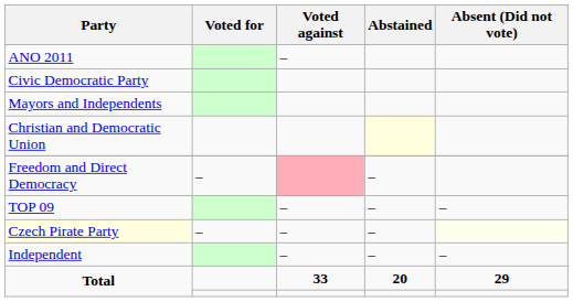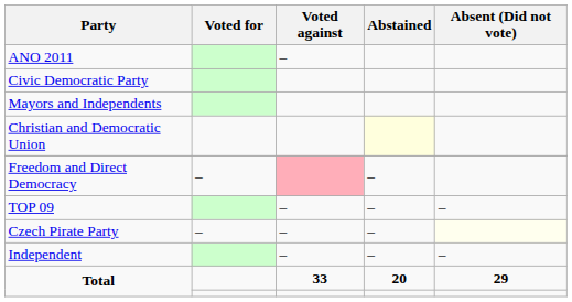 <table class="wikitable">
 <tr>
 <th>Party</th>
 <th style="width:15%;">Voted for</th>
 <th>Voted against</th>
 <th>Abstained</th>
 <th>Absent (Did not vote)</th>
 </tr>
 <tr>
 <td> <a href='#'>ANO 2011</a></td>
 <td style="background-color:#CCFFCC;"></td>
 <td>–</td>
 <td></td>
 <td></td>
 </tr>
 <tr>
 <td> <a href='#'>Civic Democratic Party</a></td>
 <td style="background-color:#CCFFCC;"></td>
 <td></td>
 <td></td>
 <td></td>
 </tr>
 <tr>
 <td> <a href='#'>Mayors and Independents</a></td>
 <td style="background-color:#CCFFCC;"></td>
 <td></td>
 <td></td>
 <td></td>
 </tr>
 <tr>
 <td> <a href='#'>Christian and Democratic Union</a></td>
 <td></td>
 <td></td>
 <td style="background-color:#FFD;"></td>
 <td></td>
 </tr>
 <tr>
 </tr>
 <tr>
 <td> <a href='#'>Freedom and Direct Democracy</a></td>
 <td>–</td>
 <td style="background-color:#FFAEB9;"></td>
 <td>–</td>
 <td></td>
 </tr>
 <tr>
 <td> <a href='#'>TOP 09</a></td>
 <td style="background-color:#CCFFCC;"></td>
 <td>–</td>
 <td>–</td>
 <td>–</td>
 </tr>
 <tr>
-<td style="background: lightyellow;"> <a href='#'>Czech Pirate Party</a></td>
+<td> <a href='#'>Czech Pirate Party</a></td>
 <td>–</td>
 <td>–</td>
 <td>–</td>
 <td style="background-color:#FFE;"></td>
 </tr>
 <tr>
 <td> <a href='#'>Independent</a></td>
 <td style="background-color:#CCFFCC;"></td>
 <td>–</td>
 <td>–</td>
 <td>–</td>
 </tr>
 <tr>
 <td style="text-align:center;" rowspan="2"><strong>Total </strong></td>
 <td></td>
 <td style="text-align:center;"><strong>33</strong></td>
 <td style="text-align:center;"><strong>20</strong></td>
 <td style="text-align:center;"><strong>29</strong></td>
 </tr>
 <tr>
 <td style="text-align:center;"></td>
 <td style="text-align:center;"></td>
 <td style="text-align:center;"></td>
 <td style="text-align:center;"></td>
 </tr>
 </table>
